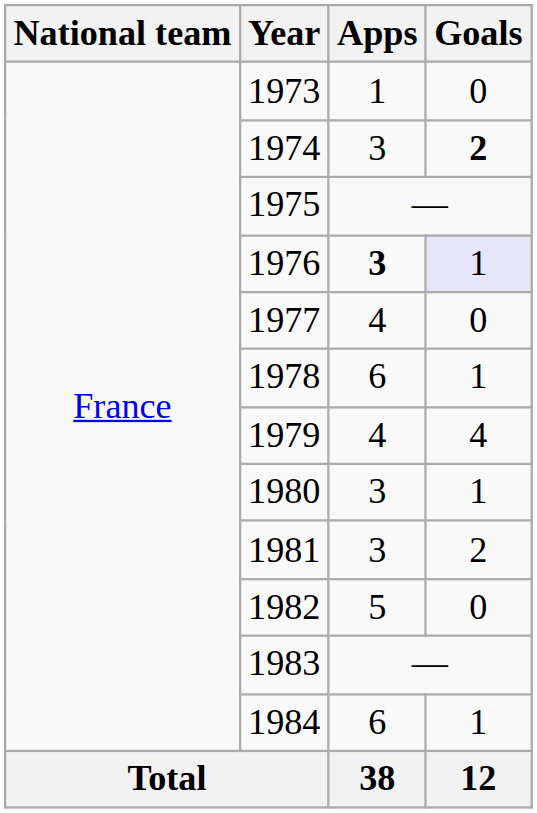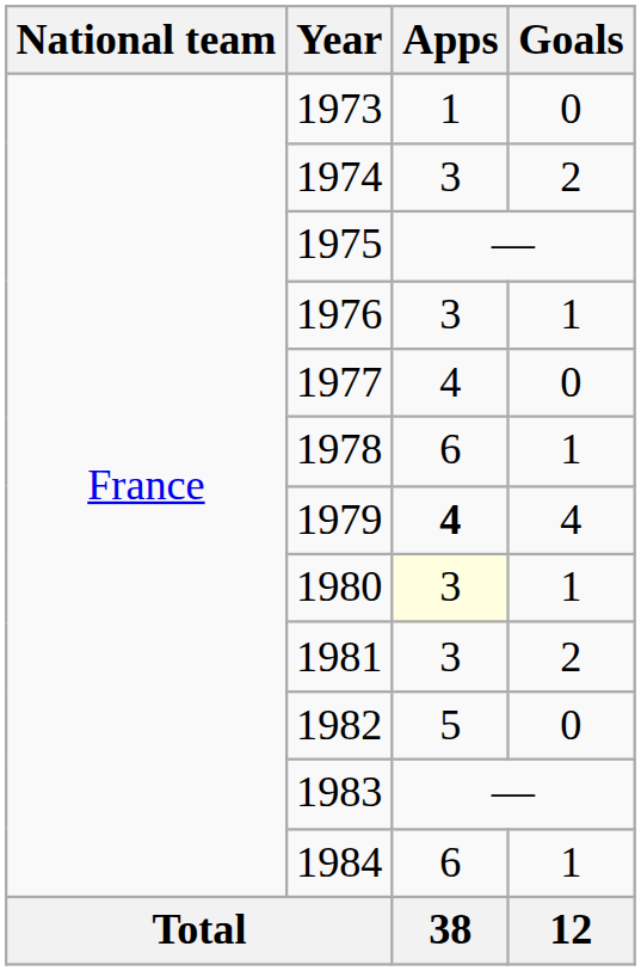 <table class="wikitable" style="text-align: center;">
 <tr>
 <th>National team</th>
 <th>Year</th>
 <th>Apps</th>
 <th>Goals</th>
 </tr>
 <tr>
 <td rowspan="12"><a href='#'>France</a></td>
 <td>1973</td>
 <td>1</td>
 <td>0</td>
 </tr>
 <tr>
 <td>1974</td>
 <td>3</td>
-<td><strong>2</strong></td>
+<td>2</td>
 </tr>
 <tr>
 <td>1975</td>
 <td colspan=2>—</td>
 </tr>
 <tr>
 <td>1976</td>
-<td><strong>3</strong></td>
-<td style="background: lavender;">1</td>
+<td>3</td>
+<td>1</td>
 </tr>
 <tr>
 <td>1977</td>
 <td>4</td>
 <td>0</td>
 </tr>
 <tr>
 <td>1978</td>
 <td>6</td>
 <td>1</td>
 </tr>
 <tr>
 <td>1979</td>
-<td>4</td>
+<td><strong>4</strong></td>
 <td>4</td>
 </tr>
 <tr>
 <td>1980</td>
-<td>3</td>
+<td style="background: lightyellow;">3</td>
 <td>1</td>
 </tr>
 <tr>
 <td>1981</td>
 <td>3</td>
 <td>2</td>
 </tr>
 <tr>
 <td>1982</td>
 <td>5</td>
 <td>0</td>
 </tr>
 <tr>
 <td>1983</td>
 <td colspan=2>—</td>
 </tr>
 <tr>
 <td>1984</td>
 <td>6</td>
 <td>1</td>
 </tr>
 <tr>
 <th colspan="2">Total</th>
 <th>38</th>
 <th>12</th>
 </tr>
 </table>
